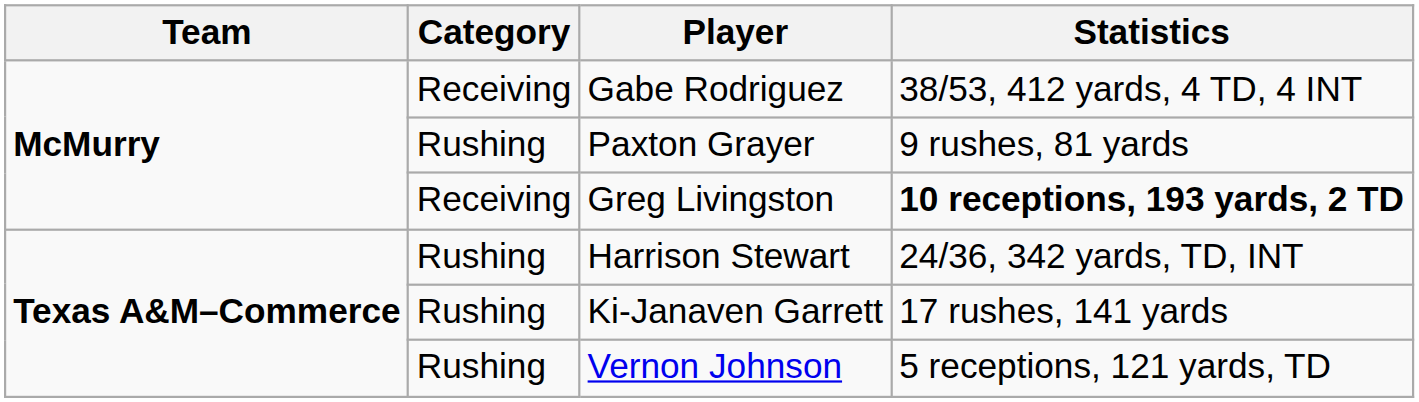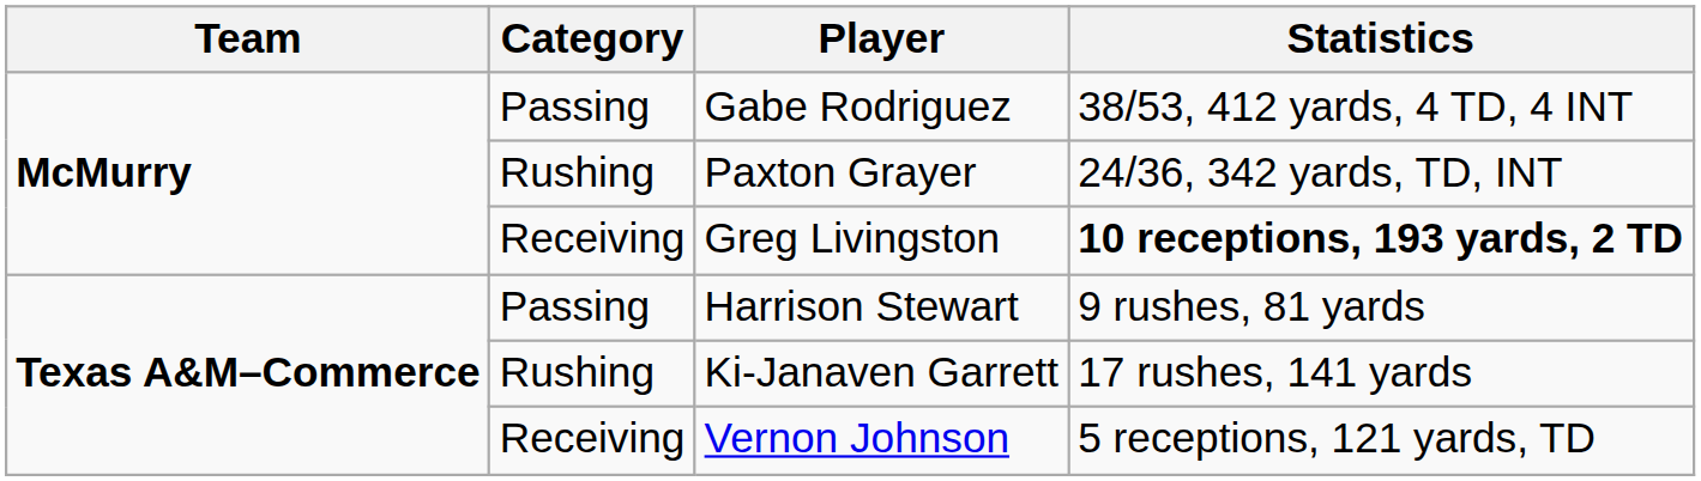 <table class="wikitable" style="float: left;">
 <tr>
 <th>Team</th>
 <th>Category</th>
 <th>Player</th>
 <th>Statistics</th>
 </tr>
 <tr>
 <td rowspan=3><strong>McMurry</strong></td>
-<td>Receiving</td>
+<td>Passing</td>
 <td>Gabe Rodriguez</td>
 <td>38/53, 412 yards, 4 TD, 4 INT</td>
 </tr>
 <tr>
 <td>Rushing</td>
 <td>Paxton Grayer</td>
-<td>9 rushes, 81 yards</td>
+<td>24/36, 342 yards, TD, INT</td>
 </tr>
 <tr>
 <td>Receiving</td>
 <td>Greg Livingston</td>
 <td><strong>10 receptions, 193 yards, 2 TD</strong></td>
 </tr>
 <tr>
 <td rowspan=3><strong>Texas A&M–Commerce</strong></td>
-<td>Rushing</td>
+<td>Passing</td>
 <td>Harrison Stewart</td>
-<td>24/36, 342 yards, TD, INT</td>
+<td>9 rushes, 81 yards</td>
 </tr>
 <tr>
 <td>Rushing</td>
 <td>Ki-Janaven Garrett</td>
 <td>17 rushes, 141 yards</td>
 </tr>
 <tr>
-<td>Rushing</td>
+<td>Receiving</td>
 <td><a href='#'>Vernon Johnson</a></td>
 <td>5 receptions, 121 yards, TD</td>
 </tr>
 </table>
